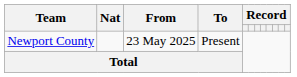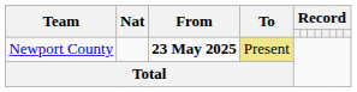 <table class="wikitable" style="text-align: center">
 <tr>
 <th rowspan="2">Team</th>
 <th rowspan="2">Nat</th>
 <th rowspan="2">From</th>
 <th rowspan="2">To</th>
 <th colspan="8">Record</th>
 </tr>
 <tr>
 <th></th>
 <th></th>
 <th></th>
 <th></th>
 <th></th>
 <th></th>
 <th></th>
 <th></th>
 </tr>
 <tr>
 <td align=left><a href='#'>Newport County</a></td>
 <td></td>
-<td align=left>23 May 2025</td>
-<td align=left>Present<br></td>
+<td align=left><strong>23 May 2025</strong></td>
+<td align=left style="background: khaki;">Present<br></td>
 </tr>
 <tr>
 <th colspan="4">Total<br></th>
 </tr>
 </table>
